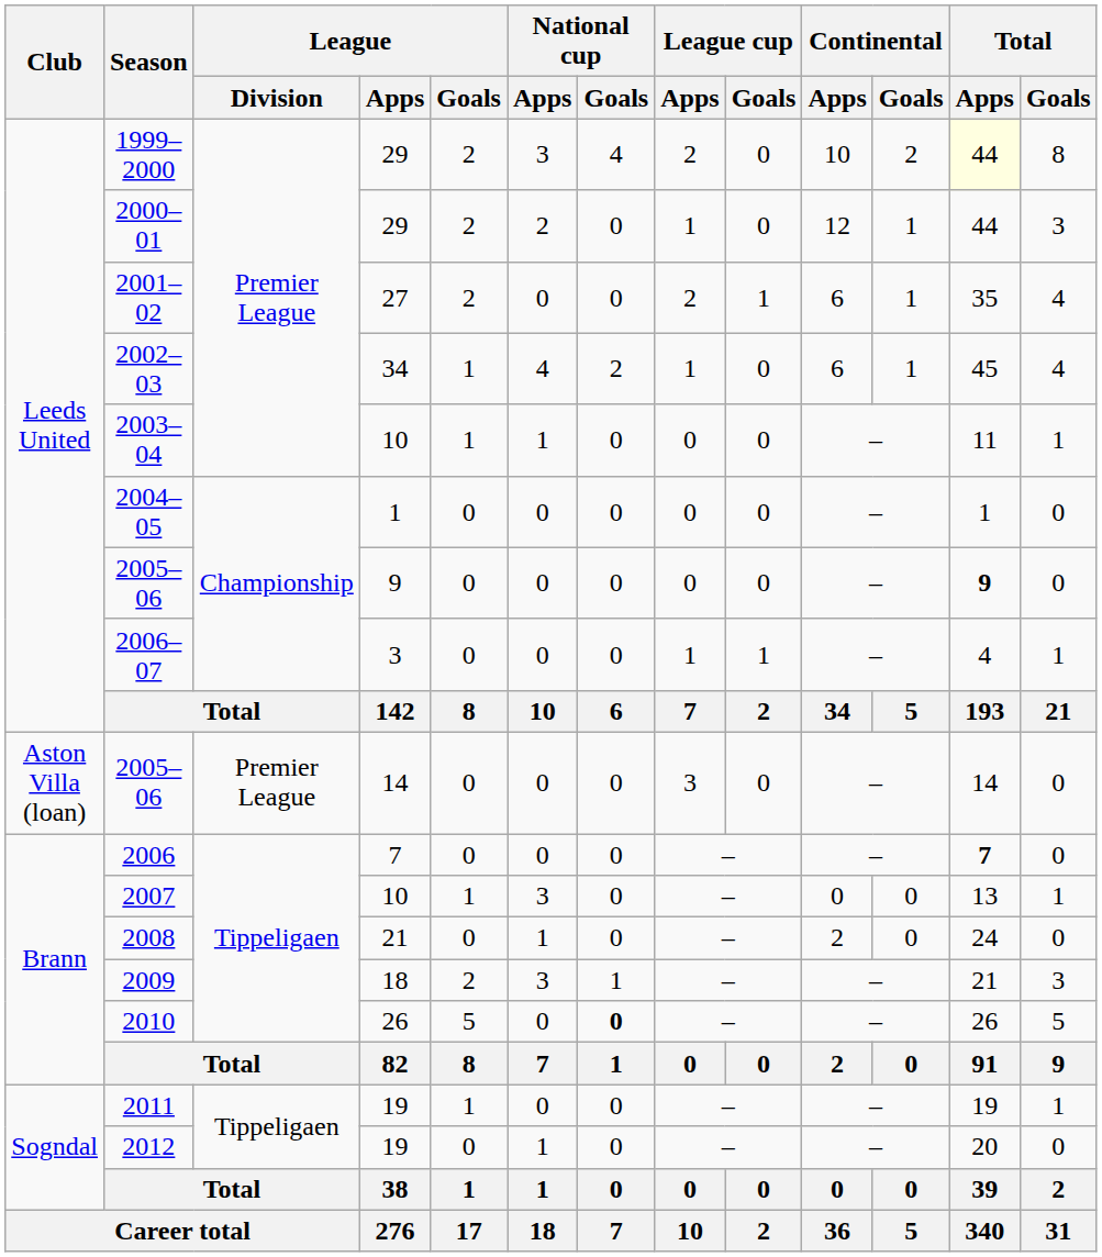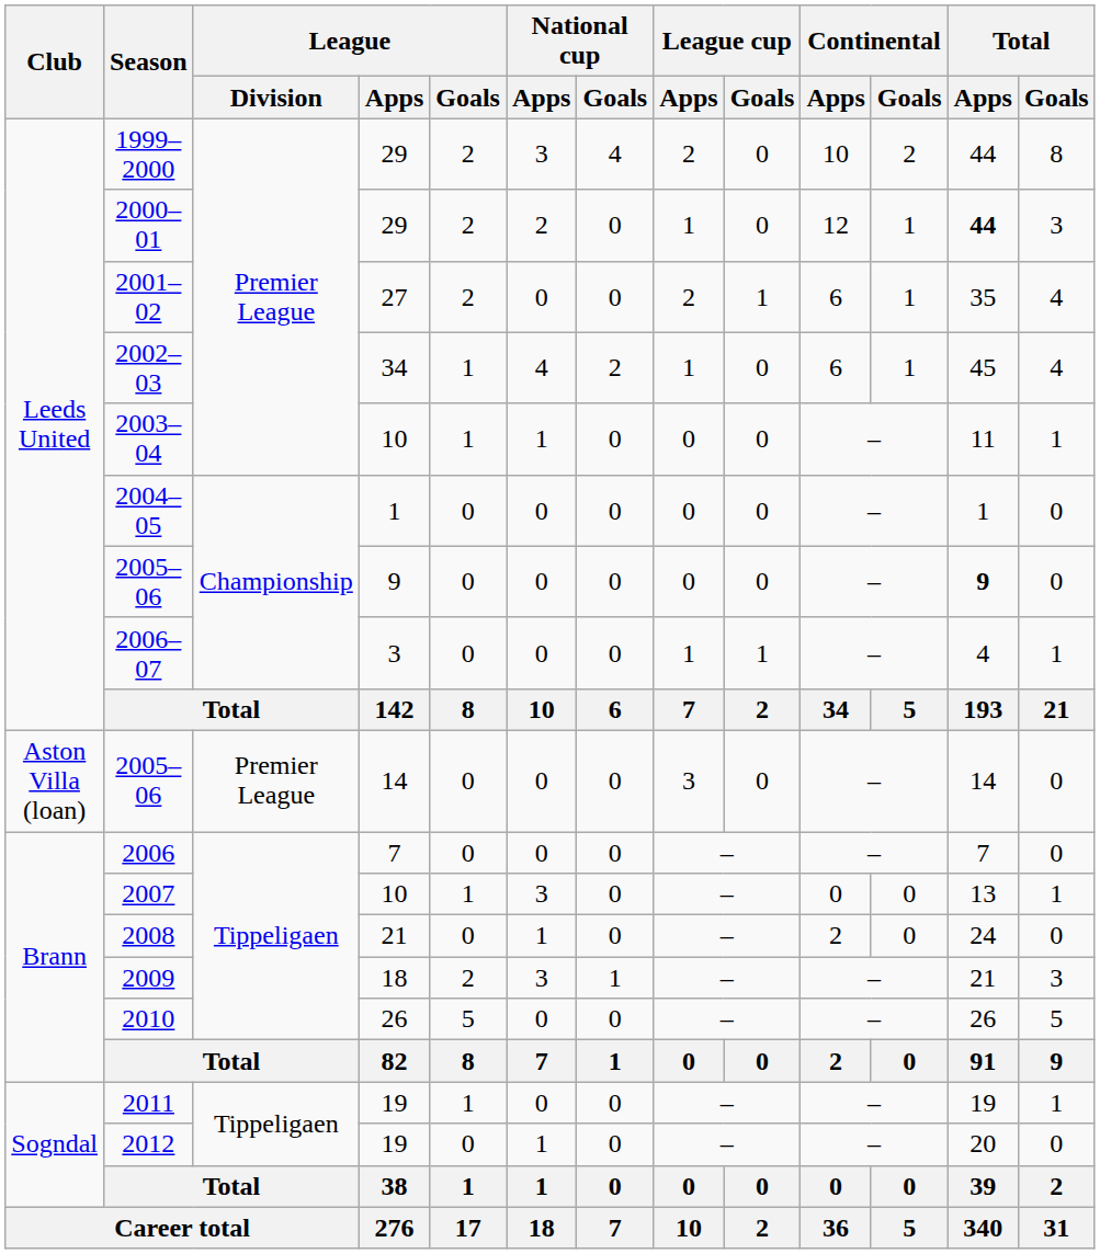 <table class="wikitable" style="text-align:center">
 <tr>
 <th rowspan="2">Club</th>
 <th rowspan="2">Season</th>
 <th colspan="3">League</th>
 <th colspan="2">National cup</th>
 <th colspan="2">League cup</th>
 <th colspan="2">Continental</th>
 <th colspan="2">Total</th>
 </tr>
 <tr>
 <th>Division</th>
 <th>Apps</th>
 <th>Goals</th>
 <th>Apps</th>
 <th>Goals</th>
 <th>Apps</th>
 <th>Goals</th>
 <th>Apps</th>
 <th>Goals</th>
 <th>Apps</th>
 <th>Goals</th>
 </tr>
 <tr>
 <td rowspan="9"><a href='#'>Leeds United</a></td>
 <td><a href='#'>1999–2000</a></td>
 <td rowspan="5"><a href='#'>Premier League</a></td>
 <td>29</td>
 <td>2</td>
 <td>3</td>
 <td>4</td>
 <td>2</td>
 <td>0</td>
 <td>10</td>
 <td>2</td>
-<td style="background: lightyellow;">44</td>
+<td>44</td>
 <td>8</td>
 </tr>
 <tr>
 <td><a href='#'>2000–01</a></td>
 <td>29</td>
 <td>2</td>
 <td>2</td>
 <td>0</td>
 <td>1</td>
 <td>0</td>
 <td>12</td>
 <td>1</td>
-<td>44</td>
+<td><strong>44</strong></td>
 <td>3</td>
 </tr>
 <tr>
 <td><a href='#'>2001–02</a></td>
 <td>27</td>
 <td>2</td>
 <td>0</td>
 <td>0</td>
 <td>2</td>
 <td>1</td>
 <td>6</td>
 <td>1</td>
 <td>35</td>
 <td>4</td>
 </tr>
 <tr>
 <td><a href='#'>2002–03</a></td>
 <td>34</td>
 <td>1</td>
 <td>4</td>
 <td>2</td>
 <td>1</td>
 <td>0</td>
 <td>6</td>
 <td>1</td>
 <td>45</td>
 <td>4</td>
 </tr>
 <tr>
 <td><a href='#'>2003–04</a></td>
 <td>10</td>
 <td>1</td>
 <td>1</td>
 <td>0</td>
 <td>0</td>
 <td>0</td>
 <td colspan="2">–</td>
 <td>11</td>
 <td>1</td>
 </tr>
 <tr>
 <td><a href='#'>2004–05</a></td>
 <td rowspan="3"><a href='#'>Championship</a></td>
 <td>1</td>
 <td>0</td>
 <td>0</td>
 <td>0</td>
 <td>0</td>
 <td>0</td>
 <td colspan="2">–</td>
 <td>1</td>
 <td>0</td>
 </tr>
 <tr>
 <td><a href='#'>2005–06</a></td>
 <td>9</td>
 <td>0</td>
 <td>0</td>
 <td>0</td>
 <td>0</td>
 <td>0</td>
 <td colspan="2">–</td>
 <td><strong>9</strong></td>
 <td>0</td>
 </tr>
 <tr>
 <td><a href='#'>2006–07</a></td>
 <td>3</td>
 <td>0</td>
 <td>0</td>
 <td>0</td>
 <td>1</td>
 <td>1</td>
 <td colspan="2">–</td>
 <td>4</td>
 <td>1</td>
 </tr>
 <tr>
 <th colspan="2">Total</th>
 <th>142</th>
 <th>8</th>
 <th>10</th>
 <th>6</th>
 <th>7</th>
 <th>2</th>
 <th>34</th>
 <th>5</th>
 <th>193</th>
 <th>21</th>
 </tr>
 <tr>
 <td><a href='#'>Aston Villa</a> (loan)</td>
 <td><a href='#'>2005–06</a></td>
 <td>Premier League</td>
 <td>14</td>
 <td>0</td>
 <td>0</td>
 <td>0</td>
 <td>3</td>
 <td>0</td>
 <td colspan="2">–</td>
 <td>14</td>
 <td>0</td>
 </tr>
 <tr>
 <td rowspan="6"><a href='#'>Brann</a></td>
 <td><a href='#'>2006</a></td>
 <td rowspan="5"><a href='#'>Tippeligaen</a></td>
 <td>7</td>
 <td>0</td>
 <td>0</td>
 <td>0</td>
 <td colspan="2">–</td>
 <td colspan="2">–</td>
-<td><strong>7</strong></td>
+<td>7</td>
 <td>0</td>
 </tr>
 <tr>
 <td><a href='#'>2007</a></td>
 <td>10</td>
 <td>1</td>
 <td>3</td>
 <td>0</td>
 <td colspan="2">–</td>
 <td>0</td>
 <td>0</td>
 <td>13</td>
 <td>1</td>
 </tr>
 <tr>
 <td><a href='#'>2008</a></td>
 <td>21</td>
 <td>0</td>
 <td>1</td>
 <td>0</td>
 <td colspan="2">–</td>
 <td>2</td>
 <td>0</td>
 <td>24</td>
 <td>0</td>
 </tr>
 <tr>
 <td><a href='#'>2009</a></td>
 <td>18</td>
 <td>2</td>
 <td>3</td>
 <td>1</td>
 <td colspan="2">–</td>
 <td colspan="2">–</td>
 <td>21</td>
 <td>3</td>
 </tr>
 <tr>
 <td><a href='#'>2010</a></td>
 <td>26</td>
 <td>5</td>
 <td>0</td>
-<td><strong>0</strong></td>
+<td>0</td>
 <td colspan="2">–</td>
 <td colspan="2">–</td>
 <td>26</td>
 <td>5</td>
 </tr>
 <tr>
 <th colspan="2">Total</th>
 <th>82</th>
 <th>8</th>
 <th>7</th>
 <th>1</th>
 <th>0</th>
 <th>0</th>
 <th>2</th>
 <th>0</th>
 <th>91</th>
 <th>9</th>
 </tr>
 <tr>
 <td rowspan="3"><a href='#'>Sogndal</a></td>
 <td><a href='#'>2011</a></td>
 <td rowspan="2">Tippeligaen</td>
 <td>19</td>
 <td>1</td>
 <td>0</td>
 <td>0</td>
 <td colspan="2">–</td>
 <td colspan="2">–</td>
 <td>19</td>
 <td>1</td>
 </tr>
 <tr>
 <td><a href='#'>2012</a></td>
 <td>19</td>
 <td>0</td>
 <td>1</td>
 <td>0</td>
 <td colspan="2">–</td>
 <td colspan="2">–</td>
 <td>20</td>
 <td>0</td>
 </tr>
 <tr>
 <th colspan="2">Total</th>
 <th>38</th>
 <th>1</th>
 <th>1</th>
 <th>0</th>
 <th>0</th>
 <th>0</th>
 <th>0</th>
 <th>0</th>
 <th>39</th>
 <th>2</th>
 </tr>
 <tr>
 <th colspan="3">Career total</th>
 <th>276</th>
 <th>17</th>
 <th>18</th>
 <th>7</th>
 <th>10</th>
 <th>2</th>
 <th>36</th>
 <th>5</th>
 <th>340</th>
 <th>31</th>
 </tr>
 </table>
